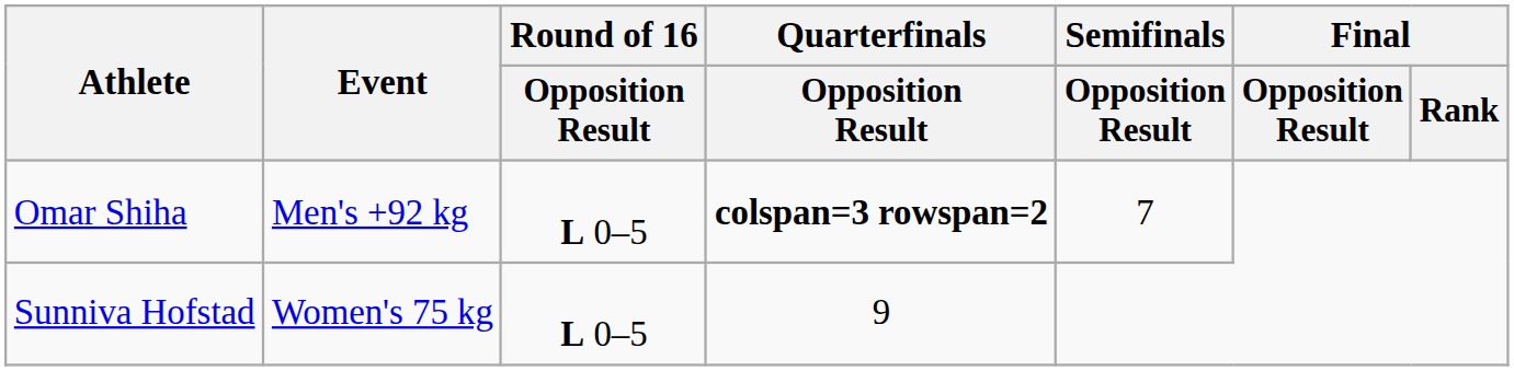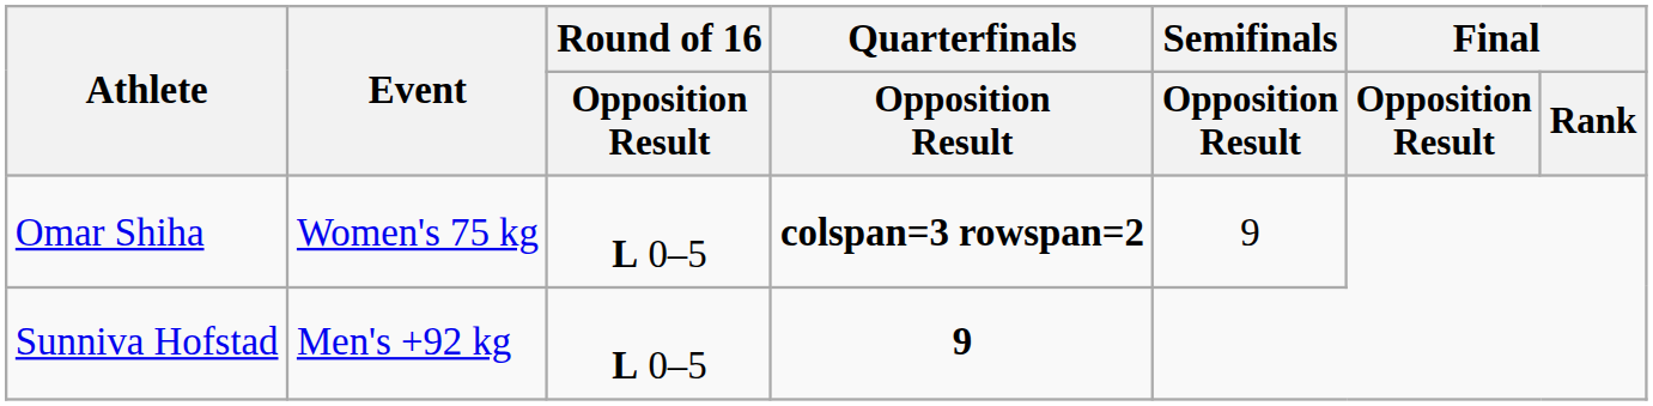 <table class="wikitable" style="font-size:90%">
 <tr>
 <th rowspan="2">Athlete</th>
 <th rowspan="2">Event</th>
 <th>Round of 16</th>
 <th>Quarterfinals</th>
 <th>Semifinals</th>
 <th colspan=2>Final</th>
 </tr>
 <tr style="font-size:95%">
 <th>Opposition<br>Result</th>
 <th>Opposition<br>Result</th>
 <th>Opposition<br>Result</th>
 <th>Opposition<br>Result</th>
 <th>Rank</th>
 </tr>
 <tr align=center>
 <td align=left><a href='#'>Omar Shiha</a></td>
-<td align=left><a href='#'>Men's +92 kg</a></td>
+<td align=left><a href='#'>Women's 75 kg</a></td>
 <td><br><strong>L</strong> 0–5</td>
 <td><strong>colspan=3 rowspan=2 </strong></td>
-<td>7</td>
+<td>9</td>
 </tr>
 <tr align=center>
 <td align=left><a href='#'>Sunniva Hofstad</a></td>
-<td align=left><a href='#'>Women's 75 kg</a></td>
+<td align=left><a href='#'>Men's +92 kg</a></td>
 <td><br><strong>L</strong> 0–5</td>
-<td>9</td>
+<td><strong>9</strong></td>
 </tr>
 </table>
